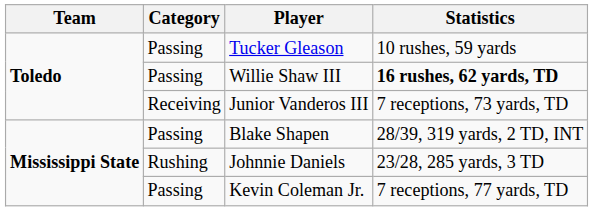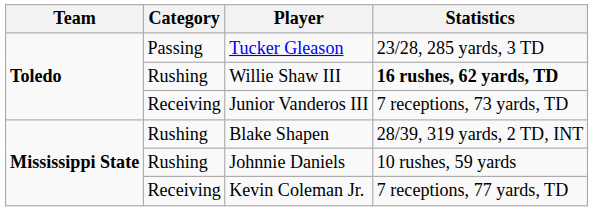 <table class="wikitable" style="float: right;">
 <tr>
 <th>Team</th>
 <th>Category</th>
 <th>Player</th>
 <th>Statistics</th>
 </tr>
 <tr>
 <td rowspan=3><strong>Toledo</strong></td>
 <td>Passing</td>
 <td><a href='#'>Tucker Gleason</a></td>
-<td>10 rushes, 59 yards</td>
+<td>23/28, 285 yards, 3 TD</td>
 </tr>
 <tr>
-<td>Passing</td>
+<td>Rushing</td>
 <td>Willie Shaw III</td>
 <td><strong>16 rushes, 62 yards, TD</strong></td>
 </tr>
 <tr>
 <td>Receiving</td>
 <td>Junior Vanderos III</td>
 <td>7 receptions, 73 yards, TD</td>
 </tr>
 <tr>
 <td rowspan=3><strong>Mississippi State</strong></td>
-<td>Passing</td>
+<td>Rushing</td>
 <td>Blake Shapen</td>
 <td>28/39, 319 yards, 2 TD, INT</td>
 </tr>
 <tr>
 <td>Rushing</td>
 <td>Johnnie Daniels</td>
-<td>23/28, 285 yards, 3 TD</td>
+<td>10 rushes, 59 yards</td>
 </tr>
 <tr>
-<td>Passing</td>
+<td>Receiving</td>
 <td>Kevin Coleman Jr.</td>
 <td>7 receptions, 77 yards, TD</td>
 </tr>
 </table>
